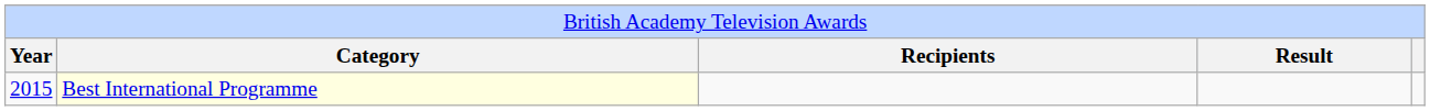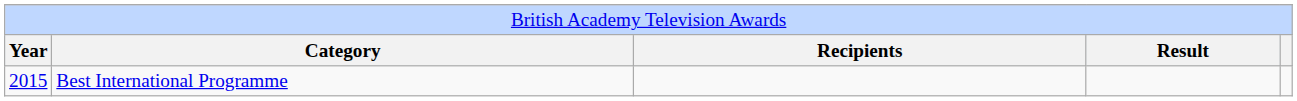 <table class="wikitable plainrowheaders" style="font-size: 100%; width:85%">
 <tr>
 </tr>
 <tr ---- bgcolor="#bfd7ff">
 <td colspan=6 align=center><a href='#'>British Academy Television Awards</a></td>
 </tr>
 <tr ---- bgcolor="#ebf5ff">
 <th scope="col" style="width:2%;">Year</th>
 <th scope="col" style="width:45%;">Category</th>
 <th scope="col" style="width:35%;">Recipients</th>
 <th scope="col" style="width:15%;">Result</th>
 <th scope="col" class="unsortable" style="width:1%;"></th>
 </tr>
 <tr>
 <td style="text-align:center;"><a href='#'>2015</a></td>
-<td style="background: lightyellow;"><a href='#'>Best International Programme</a></td>
+<td><a href='#'>Best International Programme</a></td>
 <td></td>
 <td></td>
 <td style="text-align:center;"></td>
 </tr>
 </table>
